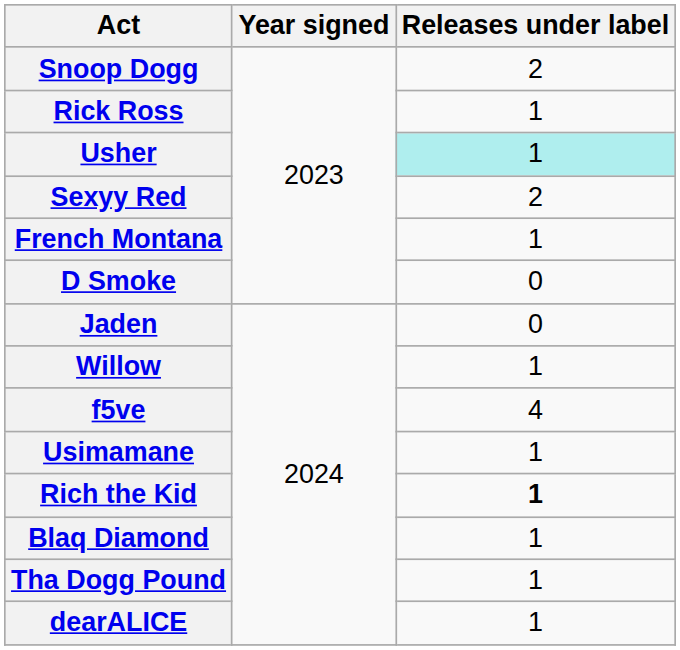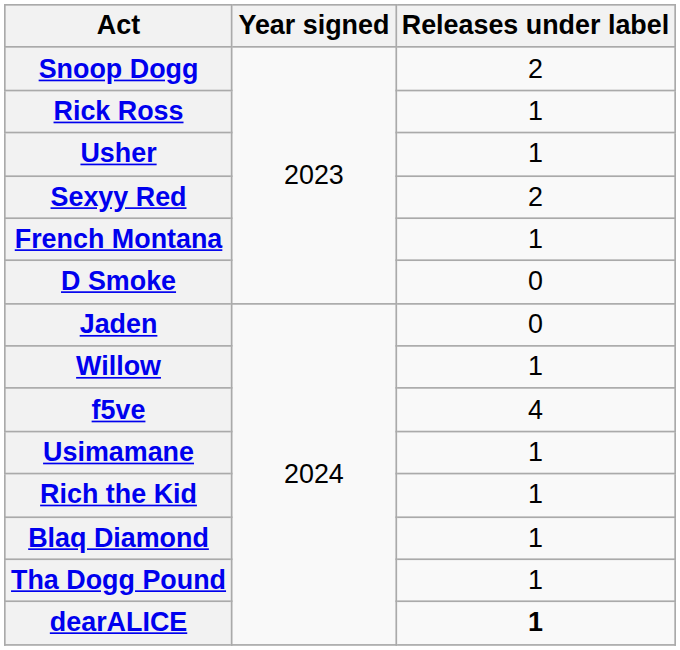 <table class="wikitable plainrowheaders" style="text-align: center;">
 <tr>
 <th scope="col">Act</th>
 <th scope="col">Year signed</th>
 <th scope="col">Releases under label</th>
 </tr>
 <tr>
 <th scope="row" style="text-align: center;"><a href='#'>Snoop Dogg</a></th>
 <td rowspan="6">2023</td>
 <td>2</td>
 </tr>
 <tr>
 <th scope="row" style="text-align: center;"><a href='#'>Rick Ross</a></th>
 <td>1</td>
 </tr>
 <tr>
 <th scope="row" style="text-align: center;"><a href='#'>Usher</a></th>
-<td style="background: paleturquoise;">1</td>
+<td>1</td>
 </tr>
 <tr>
 <th scope="row" style="text-align: center;"><a href='#'>Sexyy Red</a></th>
 <td>2</td>
 </tr>
 <tr>
 <th scope="row" style="text-align: center;"><a href='#'>French Montana</a></th>
 <td>1</td>
 </tr>
 <tr>
 <th scope="row" style="text-align: center;"><a href='#'>D Smoke</a></th>
 <td>0</td>
 </tr>
 <tr>
 <th scope="row" style="text-align: center;"><a href='#'>Jaden</a></th>
 <td rowspan="9">2024</td>
 <td>0</td>
 </tr>
 <tr>
 <th scope="row" style="text-align: center;"><a href='#'>Willow</a></th>
 <td>1</td>
 </tr>
 <tr>
 <th scope="row" style="text-align: center;"><a href='#'>f5ve</a></th>
 <td>4</td>
 </tr>
 <tr>
 <th scope="row" style="text-align: center;"><a href='#'>Usimamane</a></th>
 <td>1</td>
 </tr>
 <tr>
 <th scope="row" style="text-align: center;"><a href='#'>Rich the Kid</a></th>
-<td><strong>1</strong></td>
+<td>1</td>
 </tr>
 <tr>
 <th scope="row" style="text-align: center;"><a href='#'>Blaq Diamond</a></th>
 <td>1</td>
 </tr>
 <tr>
 <th scope="row" style="text-align: center;"><a href='#'>Tha Dogg Pound</a></th>
 <td>1</td>
 </tr>
 <tr>
 <th scope="row" style="text-align: center;"><a href='#'>dearALICE</a></th>
-<td>1</td>
+<td><strong>1</strong></td>
 </tr>
 </table>
